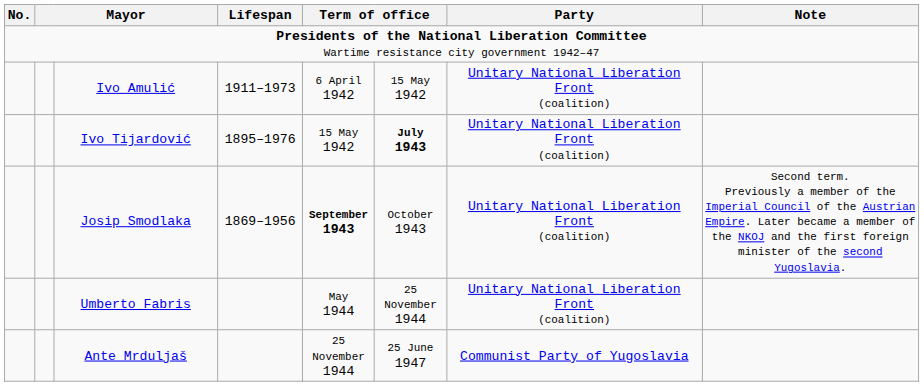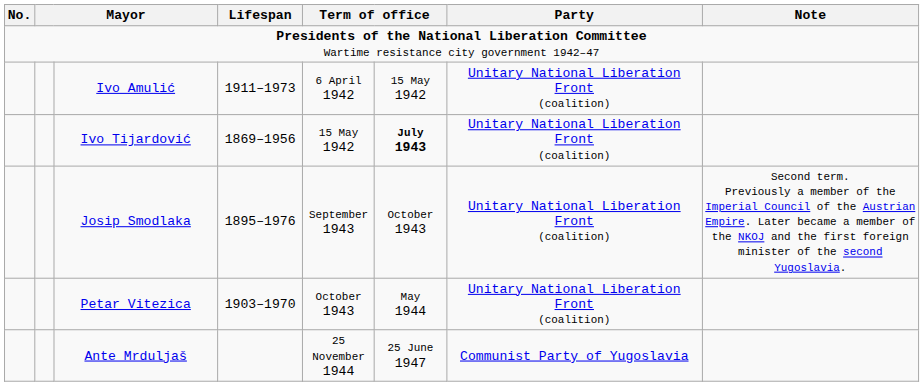 <table class="wikitable" style="text-align:center;">
 <tr>
 <th>No.</th>
 <th colspan=2>Mayor</th>
 <th>Lifespan</th>
 <th colspan=2>Term of office</th>
 <th>Party</th>
 <th>Note</th>
 </tr>
 <tr>
 <td align="center" colspan="8"><strong>Presidents of the National Liberation Committee</strong><br><small>Wartime resistance city government 1942–47</small></td>
 </tr>
 <tr>
 <td style="background: "></td>
 <td style="width:1em;"></td>
 <td style="width:12em;"><a href='#'>Ivo Amulić</a></td>
 <td style="width:6em;">1911–1973</td>
 <td style="width:5em;"><small>6 April</small><br>1942</td>
 <td style="width:5em;"><small>15 May</small><br>1942</td>
 <td style="width:19em;"><a href='#'>Unitary National Liberation Front</a><br><small>(coalition)</small></td>
 <td style="width:16em;"><small></small></td>
 </tr>
 <tr>
 <td style="background: "></td>
 <td style="width:1em;"></td>
 <td style="width:12em;"><a href='#'>Ivo Tijardović</a></td>
-<td style="width:6em;">1895–1976</td>
+<td style="width:6em;">1869–1956</td>
 <td style="width:5em;"><small>15 May</small><br>1942</td>
 <td style="width:5em;"><strong><small>July</small><br>1943</strong></td>
 <td style="width:19em;"><a href='#'>Unitary National Liberation Front</a><br><small>(coalition)</small></td>
 <td style="width:16em;"><small></small></td>
 </tr>
 <tr>
 <td style="background: "></td>
 <td style="width:1em;"></td>
 <td style="width:12em;"><a href='#'>Josip Smodlaka</a></td>
-<td style="width:6em;">1869–1956</td>
-<td style="width:5em;"><strong><small>September</small><br>1943</strong></td>
+<td style="width:6em;">1895–1976</td>
+<td style="width:5em;"><small>September</small><br>1943</td>
 <td style="width:5em;"><small>October</small><br>1943</td>
 <td style="width:19em;"><a href='#'>Unitary National Liberation Front</a><br><small>(coalition)</small></td>
 <td style="width:16em;"><small>Second term.<br>Previously a member of the <a href='#'>Imperial Council</a> of the <a href='#'>Austrian Empire</a>. Later became a member of the <a href='#'>NKOJ</a> and the first foreign minister of the <a href='#'>second Yugoslavia</a>.</small></td>
 </tr>
 <tr>
 <td style="background: "></td>
 <td style="width:1em;"></td>
-<td style="width:12em;"><a href='#'>Umberto Fabris</a></td>
-<td style="width:6em;"></td>
+<td style="width:12em;"><a href='#'>Petar Vitezica</a></td>
+<td style="width:6em;">1903–1970</td>
+<td style="width:5em;"><small>October</small><br>1943</td>
 <td style="width:5em;"><small>May</small><br>1944</td>
-<td style="width:5em;"><small>25 November</small><br>1944</td>
 <td style="width:19em;"><a href='#'>Unitary National Liberation Front</a><br><small>(coalition)</small></td>
 <td style="width:16em;"><small></small></td>
 </tr>
 <tr>
 <td style="background: "></td>
 <td style="width:1em;"></td>
 <td style="width:12em;"><a href='#'>Ante Mrduljaš</a></td>
 <td style="width:6em;"></td>
 <td style="width:5em;"><small>25 November</small><br>1944</td>
 <td style="width:5em;"><small>25 June</small><br>1947</td>
 <td style="width:19em;"><a href='#'>Communist Party of Yugoslavia</a></td>
 <td style="width:16em;"><small></small></td>
 </tr>
 </table>
